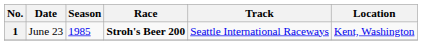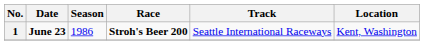 <table class="wikitable sortable">
 <tr>
 <th scope="col">No.</th>
 <th scope="col">Date</th>
 <th scope="col">Season</th>
 <th scope="col">Race</th>
 <th scope="col">Track</th>
 <th scope="col">Location</th>
 </tr>
 <tr>
 <th scope="row">1</th>
-<td>June 23</td>
-<td><a href='#'>1985</a></td>
+<td><strong>June 23</strong></td>
+<td><a href='#'>1986</a></td>
 <td><strong>Stroh's Beer 200</strong></td>
 <td><a href='#'>Seattle International Raceways</a></td>
 <td><a href='#'>Kent, Washington</a></td>
 </tr>
 <tr>
 </tr>
 </table>
